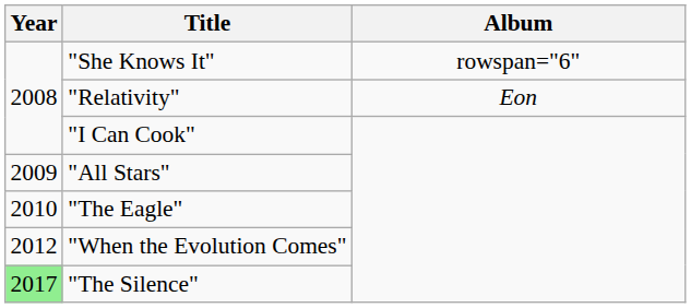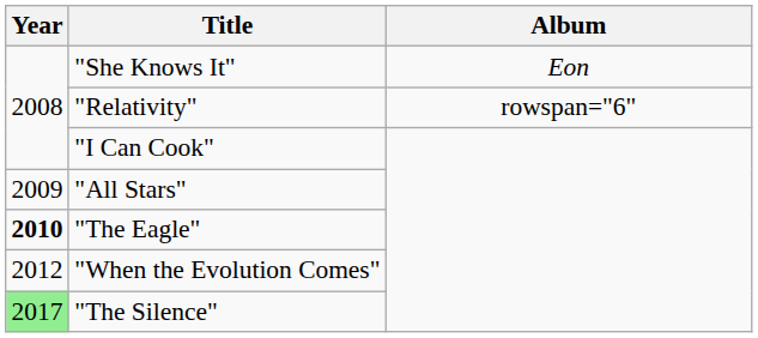 <table class="wikitable" style="text-align:center;">
 <tr>
 <th scope="col">Year</th>
 <th scope="col">Title</th>
 <th scope="col" width="220">Album</th>
 </tr>
 <tr>
 <td rowspan="3">2008</td>
 <td align="left">"She Knows It"</td>
-<td>rowspan="6" </td>
+<td><em>Eon</em></td>
 </tr>
 <tr>
 <td align="left">"Relativity"</td>
-<td><em>Eon</em></td>
+<td>rowspan="6" </td>
 </tr>
 <tr>
 <td align="left">"I Can Cook"</td>
 </tr>
 <tr>
 <td>2009</td>
 <td align="left">"All Stars"</td>
 </tr>
 <tr>
-<td>2010</td>
+<td><strong>2010</strong></td>
 <td align="left">"The Eagle"</td>
 </tr>
 <tr>
 <td>2012</td>
 <td align="left">"When the Evolution Comes"</td>
 </tr>
 <tr>
 <td style="background: lightgreen;">2017</td>
 <td align="left">"The Silence"</td>
 </tr>
 </table>
